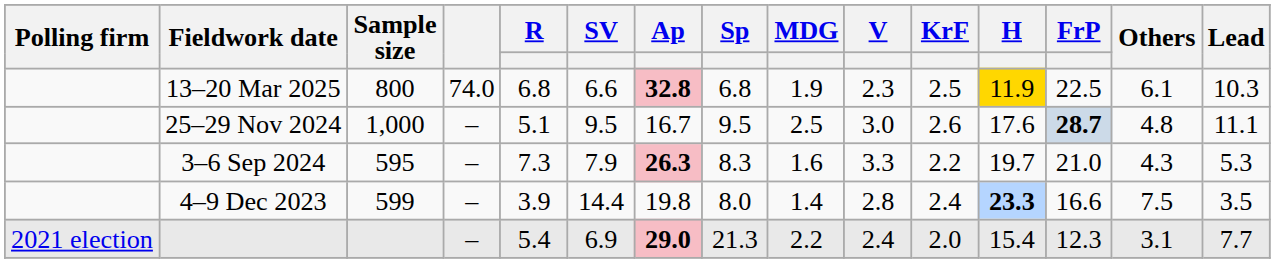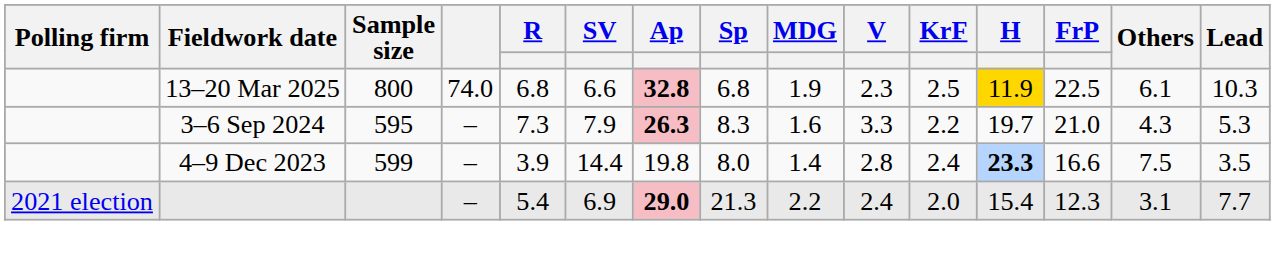 <table class="wikitable sortable mw-datatable" style="text-align:center;font-size:90%;line-height:14px;">
 <tr>
 <th rowspan="2">Polling firm</th>
 <th rowspan="2">Fieldwork date</th>
 <th rowspan="2">Sample<br>size</th>
 <th rowspan="2"></th>
 <th class="unsortable" style="width:30px;"><a href='#'>R</a></th>
 <th class="unsortable" style="width:30px;"><a href='#'>SV</a></th>
 <th class="unsortable" style="width:30px;"><a href='#'>Ap</a></th>
 <th class="unsortable" style="width:30px;"><a href='#'>Sp</a></th>
 <th class="unsortable" style="width:30px;"><a href='#'>MDG</a></th>
 <th class="unsortable" style="width:30px;"><a href='#'>V</a></th>
 <th class="unsortable" style="width:30px;"><a href='#'>KrF</a></th>
 <th class="unsortable" style="width:30px;"><a href='#'>H</a></th>
 <th class="unsortable" style="width:30px;"><a href='#'>FrP</a></th>
 <th rowspan="2" class="unsortable" style="width:30px;">Others</th>
 <th rowspan="2">Lead</th>
 </tr>
 <tr>
 <th style="background:"></th>
 <th style="background:"></th>
 <th style="background:"></th>
 <th style="background:"></th>
 <th style="background:"></th>
 <th style="background:"></th>
 <th style="background:"></th>
 <th style="background:"></th>
 <th style="background:"></th>
 </tr>
 <tr>
 <td></td>
 <td>13–20 Mar 2025</td>
 <td>800</td>
 <td>74.0</td>
 <td>6.8</td>
 <td>6.6</td>
 <td style="background:#F7BDC5;"><strong>32.8</strong></td>
 <td>6.8</td>
 <td>1.9</td>
 <td>2.3</td>
 <td>2.5</td>
 <td style="background: gold;">11.9</td>
 <td>22.5</td>
 <td>6.1</td>
 <td style="background:">10.3</td>
-</tr>
-<tr>
-<td></td>
-<td>25–29 Nov 2024</td>
-<td>1,000</td>
-<td>–</td>
-<td>5.1</td>
-<td>9.5</td>
-<td>16.7</td>
-<td>9.5</td>
-<td>2.5</td>
-<td>3.0</td>
-<td>2.6</td>
-<td>17.6</td>
-<td style="background:#ccdae8;"><strong>28.7</strong></td>
-<td>4.8</td>
-<td style="background:">11.1</td>
 </tr>
 <tr>
 <td></td>
 <td>3–6 Sep 2024</td>
 <td>595</td>
 <td>–</td>
 <td>7.3</td>
 <td>7.9</td>
 <td style="background:#F7BDC5;"><strong>26.3</strong></td>
 <td>8.3</td>
 <td>1.6</td>
 <td>3.3</td>
 <td>2.2</td>
 <td>19.7</td>
 <td>21.0</td>
 <td>4.3</td>
 <td style="background:">5.3</td>
 </tr>
 <tr>
 <td></td>
 <td>4–9 Dec 2023</td>
 <td>599</td>
 <td>–</td>
 <td>3.9</td>
 <td>14.4</td>
 <td>19.8</td>
 <td>8.0</td>
 <td>1.4</td>
 <td>2.8</td>
 <td>2.4</td>
 <td style="background:#B5D5FF;"><strong>23.3</strong></td>
 <td>16.6</td>
 <td>7.5</td>
 <td style="background:">3.5</td>
 </tr>
 <tr style="background:#E9E9E9;">
 <td><a href='#'>2021 election</a></td>
 <td></td>
 <td></td>
 <td>–</td>
 <td>5.4</td>
 <td>6.9</td>
 <td style="background:#F7BDC5;"><strong>29.0</strong></td>
 <td>21.3</td>
 <td>2.2</td>
 <td>2.4</td>
 <td>2.0</td>
 <td>15.4</td>
 <td>12.3</td>
 <td>3.1</td>
 <td style="background:">7.7</td>
 </tr>
 </table>
